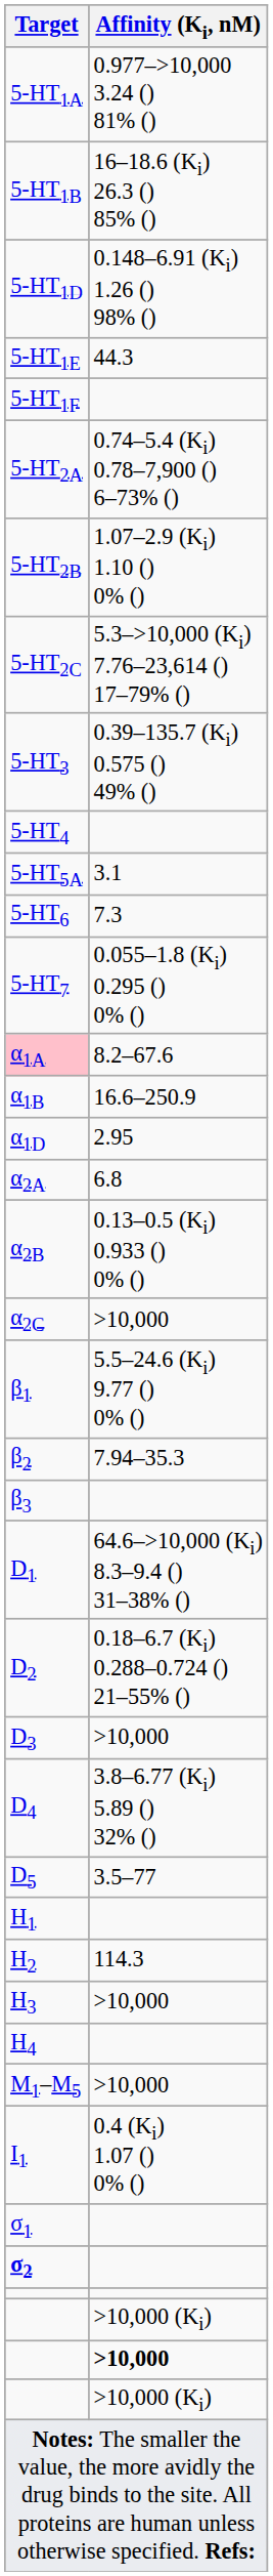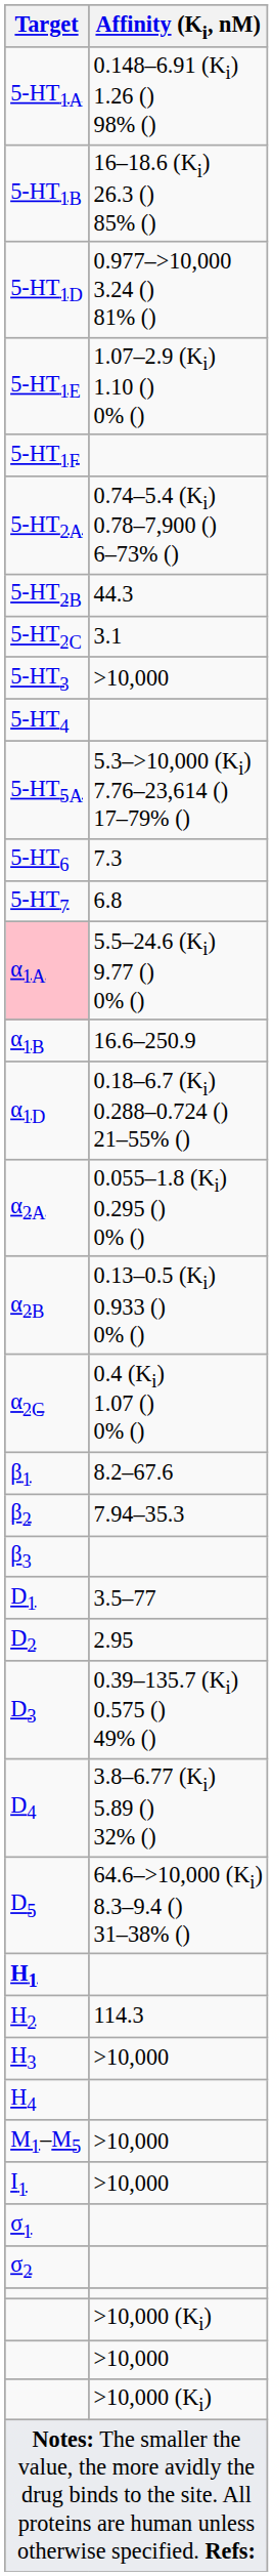 <table class="wikitable floatleft" style="font-size:small;">
 <tr>
 <th><a href='#'>Target</a></th>
 <th><a href='#'>Affinity</a> (K<sub>i</sub>, nM)</th>
 </tr>
 <tr>
 <td><a href='#'>5-HT<sub>1A</sub></a></td>
-<td>0.977–>10,000<br>3.24 ()<br>81% ()</td>
+<td>0.148–6.91 (K<sub>i</sub>)<br>1.26 ()<br>98% ()</td>
 </tr>
 <tr>
 <td><a href='#'>5-HT<sub>1B</sub></a></td>
 <td>16–18.6 (K<sub>i</sub>)<br>26.3 ()<br>85% ()</td>
 </tr>
 <tr>
 <td><a href='#'>5-HT<sub>1D</sub></a></td>
-<td>0.148–6.91 (K<sub>i</sub>)<br>1.26 ()<br>98% ()</td>
+<td>0.977–>10,000<br>3.24 ()<br>81% ()</td>
 </tr>
 <tr>
 <td><a href='#'>5-HT<sub>1E</sub></a></td>
-<td>44.3</td>
+<td>1.07–2.9 (K<sub>i</sub>)<br>1.10 ()<br>0% ()</td>
 </tr>
 <tr>
 <td><a href='#'>5-HT<sub>1F</sub></a></td>
 <td></td>
 </tr>
 <tr>
 <td><a href='#'>5-HT<sub>2A</sub></a></td>
 <td>0.74–5.4 (K<sub>i</sub>)<br>0.78–7,900 ()<br>6–73% ()</td>
 </tr>
 <tr>
 <td><a href='#'>5-HT<sub>2B</sub></a></td>
-<td>1.07–2.9 (K<sub>i</sub>)<br>1.10 ()<br>0% ()</td>
+<td>44.3</td>
 </tr>
 <tr>
 <td><a href='#'>5-HT<sub>2C</sub></a></td>
-<td>5.3–>10,000 (K<sub>i</sub>)<br>7.76–23,614 ()<br>17–79% ()</td>
+<td>3.1</td>
 </tr>
 <tr>
 <td><a href='#'>5-HT<sub>3</sub></a></td>
-<td>0.39–135.7 (K<sub>i</sub>)<br>0.575 ()<br>49% ()</td>
+<td>>10,000</td>
 </tr>
 <tr>
 <td><a href='#'>5-HT<sub>4</sub></a></td>
 <td></td>
 </tr>
 <tr>
 <td><a href='#'>5-HT<sub>5A</sub></a></td>
-<td>3.1</td>
+<td>5.3–>10,000 (K<sub>i</sub>)<br>7.76–23,614 ()<br>17–79% ()</td>
 </tr>
 <tr>
 <td><a href='#'>5-HT<sub>6</sub></a></td>
 <td>7.3</td>
 </tr>
 <tr>
 <td><a href='#'>5-HT<sub>7</sub></a></td>
-<td>0.055–1.8 (K<sub>i</sub>)<br>0.295 ()<br>0% ()</td>
+<td>6.8</td>
 </tr>
 <tr>
 <td style="background: pink;"><a href='#'>α<sub>1A</sub></a></td>
-<td>8.2–67.6</td>
+<td>5.5–24.6 (K<sub>i</sub>)<br>9.77 ()<br>0% ()</td>
 </tr>
 <tr>
 <td><a href='#'>α<sub>1B</sub></a></td>
 <td>16.6–250.9</td>
 </tr>
 <tr>
 <td><a href='#'>α<sub>1D</sub></a></td>
-<td>2.95</td>
+<td>0.18–6.7 (K<sub>i</sub>)<br>0.288–0.724 ()<br>21–55% ()</td>
 </tr>
 <tr>
 <td><a href='#'>α<sub>2A</sub></a></td>
-<td>6.8</td>
+<td>0.055–1.8 (K<sub>i</sub>)<br>0.295 ()<br>0% ()</td>
 </tr>
 <tr>
 <td><a href='#'>α<sub>2B</sub></a></td>
 <td>0.13–0.5 (K<sub>i</sub>)<br>0.933 ()<br>0% ()</td>
 </tr>
 <tr>
 <td><a href='#'>α<sub>2C</sub></a></td>
-<td>>10,000</td>
+<td>0.4 (K<sub>i</sub>)<br>1.07 ()<br>0% ()</td>
 </tr>
 <tr>
 <td><a href='#'>β<sub>1</sub></a></td>
-<td>5.5–24.6 (K<sub>i</sub>)<br>9.77 ()<br>0% ()</td>
+<td>8.2–67.6</td>
 </tr>
 <tr>
 <td><a href='#'>β<sub>2</sub></a></td>
 <td>7.94–35.3</td>
 </tr>
 <tr>
 <td><a href='#'>β<sub>3</sub></a></td>
 <td></td>
 </tr>
 <tr>
 <td><a href='#'>D<sub>1</sub></a></td>
-<td>64.6–>10,000 (K<sub>i</sub>)<br>8.3–9.4 ()<br>31–38% ()</td>
+<td>3.5–77</td>
 </tr>
 <tr>
 <td><a href='#'>D<sub>2</sub></a></td>
-<td>0.18–6.7 (K<sub>i</sub>)<br>0.288–0.724 ()<br>21–55% ()</td>
+<td>2.95</td>
 </tr>
 <tr>
 <td><a href='#'>D<sub>3</sub></a></td>
-<td>>10,000</td>
+<td>0.39–135.7 (K<sub>i</sub>)<br>0.575 ()<br>49% ()</td>
 </tr>
 <tr>
 <td><a href='#'>D<sub>4</sub></a></td>
 <td>3.8–6.77 (K<sub>i</sub>)<br>5.89 ()<br>32% ()</td>
 </tr>
 <tr>
 <td><a href='#'>D<sub>5</sub></a></td>
-<td>3.5–77</td>
+<td>64.6–>10,000 (K<sub>i</sub>)<br>8.3–9.4 ()<br>31–38% ()</td>
 </tr>
 <tr>
-<td><a href='#'>H<sub>1</sub></a></td>
+<td><strong><a href='#'>H<sub>1</sub></a></strong></td>
 <td></td>
 </tr>
 <tr>
 <td><a href='#'>H<sub>2</sub></a></td>
 <td>114.3</td>
 </tr>
 <tr>
 <td><a href='#'>H<sub>3</sub></a></td>
 <td>>10,000</td>
 </tr>
 <tr>
 <td><a href='#'>H<sub>4</sub></a></td>
 <td></td>
 </tr>
 <tr>
 <td><a href='#'>M<sub>1</sub></a>–<a href='#'>M<sub>5</sub></a></td>
 <td>>10,000</td>
 </tr>
 <tr>
 <td><a href='#'>I<sub>1</sub></a></td>
-<td>0.4 (K<sub>i</sub>)<br>1.07 ()<br>0% ()</td>
+<td>>10,000</td>
 </tr>
 <tr>
 <td><a href='#'>σ<sub>1</sub></a></td>
 <td></td>
 </tr>
 <tr>
-<td><strong><a href='#'>σ<sub>2</sub></a></strong></td>
+<td><a href='#'>σ<sub>2</sub></a></td>
 <td></td>
 </tr>
 <tr>
 <td></td>
 <td></td>
 </tr>
 <tr>
 <td></td>
 <td>>10,000 (K<sub>i</sub>)</td>
 </tr>
 <tr>
 <td></td>
-<td><strong>>10,000</strong></td>
+<td>>10,000</td>
 </tr>
 <tr>
 <td></td>
 <td>>10,000 (K<sub>i</sub>)</td>
 </tr>
 <tr class="sortbottom">
 <td colspan="2" style="width: 1px; background-color:#eaecf0; text-align: center;"><strong>Notes:</strong> The smaller the value, the more avidly the drug binds to the site. All proteins are human unless otherwise specified. <strong>Refs:</strong> </td>
 </tr>
 </table>
